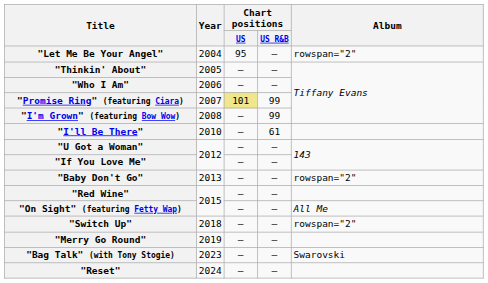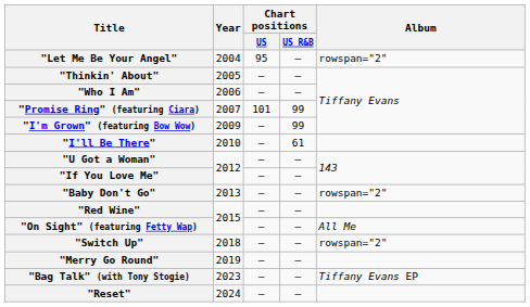 <table class="wikitable plainrowheaders">
 <tr>
 <th style="width:257px;" rowspan="2">Title</th>
 <th style="width:28px;" rowspan="2">Year</th>
 <th colspan="2">Chart positions</th>
 <th style="width:257px;" rowspan="2">Album</th>
 </tr>
 <tr>
 <th style="width:40px;"><small><a href='#'>US</a></small></th>
 <th style="width:40px;"><small><a href='#'>US R&B</a></small></th>
 </tr>
 <tr>
 <th scope="row">"Let Me Be Your Angel"</th>
 <td>2004</td>
 <td style="text-align:center;">95</td>
 <td style="text-align:center;">—</td>
 <td>rowspan="2" </td>
 </tr>
 <tr>
 <th scope="row">"Thinkin' About"</th>
 <td>2005</td>
 <td style="text-align:center;">—</td>
 <td style="text-align:center;">—</td>
 <td rowspan="4"><em>Tiffany Evans</em></td>
 </tr>
 <tr>
 <th scope="row">"Who I Am"</th>
 <td>2006</td>
 <td style="text-align:center;">—</td>
 <td style="text-align:center;">—</td>
 </tr>
 <tr>
 <th scope="row">"<a href='#'>Promise Ring</a>" <small>(featuring <a href='#'>Ciara</a>)</small></th>
 <td>2007</td>
-<td style="background: khaki; text-align:center;">101</td>
+<td style="text-align:center;">101</td>
 <td style="text-align:center;">99</td>
 </tr>
 <tr>
 <th scope="row">"<a href='#'>I'm Grown</a>" <small>(featuring <a href='#'>Bow Wow</a>)</small></th>
-<td>2008</td>
+<td>2009</td>
 <td style="text-align:center;">—</td>
 <td style="text-align:center;">99</td>
 </tr>
 <tr>
 <th scope="row">"<a href='#'>I'll Be There</a>"</th>
 <td>2010</td>
 <td style="text-align:center;">—</td>
 <td style="text-align:center;">61</td>
 <td></td>
 </tr>
 <tr>
 <th scope="row">"U Got a Woman"</th>
 <td rowspan="2">2012</td>
 <td style="text-align:center;">—</td>
 <td style="text-align:center;">—</td>
 <td rowspan="2"><em>143</em></td>
 </tr>
 <tr>
 <th scope="row">"If You Love Me"</th>
 <td style="text-align:center;">—</td>
 <td style="text-align:center;">—</td>
 </tr>
 <tr>
 <th scope="row">"Baby Don't Go"</th>
 <td>2013</td>
 <td style="text-align:center;">—</td>
 <td style="text-align:center;">—</td>
 <td>rowspan="2" </td>
 </tr>
 <tr>
 <th scope="row">"Red Wine"</th>
 <td rowspan="2">2015</td>
 <td style="text-align:center;">—</td>
 <td style="text-align:center;">—</td>
 </tr>
 <tr>
 <th scope="row">"On Sight" <small>(featuring <a href='#'>Fetty Wap</a>)</small></th>
 <td style="text-align:center;">—</td>
 <td style="text-align:center;">—</td>
 <td><em>All Me</em></td>
 </tr>
 <tr>
 <th scope="row">"Switch Up"</th>
 <td>2018</td>
 <td style="text-align:center;">—</td>
 <td style="text-align:center;">—</td>
 <td>rowspan="2" </td>
 </tr>
 <tr>
 <th scope="row">"Merry Go Round"</th>
 <td>2019</td>
 <td style="text-align:center;">—</td>
 <td style="text-align:center;">—</td>
 </tr>
 <tr>
 <th scope="row">"Bag Talk" <small>(with Tony Stogie)</small></th>
 <td>2023</td>
 <td style="text-align:center;">—</td>
 <td style="text-align:center;">—</td>
-<td>Swarovski</td>
+<td><em>Tiffany Evans</em> EP</td>
 </tr>
 <tr>
 <th scope="row">"Reset"</th>
 <td>2024</td>
 <td style="text-align:center;">—</td>
 <td style="text-align:center;">—</td>
 <td></td>
 </tr>
 </table>
